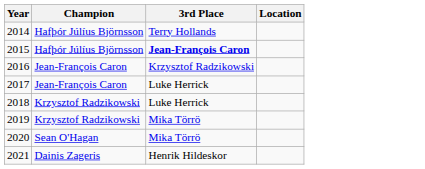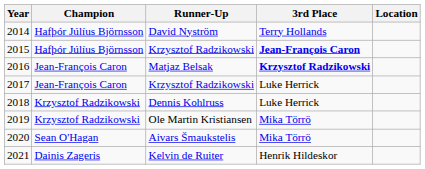 <table class="wikitable sortable" style="display: inline-table">
 <tr>
 <th>Year</th>
 <th>Champion</th>
+<th>Runner-Up</th>
 <th>3rd Place</th>
 <th>Location</th>
 </tr>
 <tr>
 <td>2014 </td>
 <td> <a href='#'>Hafþór Júlíus Björnsson</a></td>
+<td> <a href='#'>David Nyström</a></td>
 <td> <a href='#'>Terry Hollands</a></td>
 <td></td>
 </tr>
 <tr>
 <td>2015 </td>
 <td> <a href='#'>Hafþór Júlíus Björnsson</a></td>
+<td> <a href='#'>Krzysztof Radzikowski</a></td>
 <td><strong> <a href='#'>Jean-François Caron</a></strong></td>
 <td></td>
 </tr>
 <tr>
 <td>2016 </td>
 <td> <a href='#'>Jean-François Caron</a></td>
-<td> <a href='#'>Krzysztof Radzikowski</a></td>
+<td> <a href='#'>Matjaz Belsak</a></td>
+<td><strong> <a href='#'>Krzysztof Radzikowski</a></strong></td>
 <td></td>
 </tr>
 <tr>
 <td>2017 </td>
 <td> <a href='#'>Jean-François Caron</a></td>
+<td> <a href='#'>Krzysztof Radzikowski</a></td>
 <td> Luke Herrick</td>
 <td></td>
 </tr>
 <tr>
 <td>2018 </td>
 <td> <a href='#'>Krzysztof Radzikowski</a></td>
+<td> <a href='#'>Dennis Kohlruss</a></td>
 <td> Luke Herrick</td>
 <td></td>
 </tr>
 <tr>
 <td>2019 </td>
 <td> <a href='#'>Krzysztof Radzikowski</a></td>
+<td> Ole Martin Kristiansen</td>
 <td> <a href='#'>Mika Törrö</a></td>
 <td></td>
 </tr>
 <tr>
 <td>2020 </td>
 <td> <a href='#'>Sean O'Hagan</a></td>
+<td> <a href='#'>Aivars Šmaukstelis</a></td>
 <td> <a href='#'>Mika Törrö</a></td>
 <td></td>
 </tr>
 <tr>
 <td>2021 </td>
 <td> <a href='#'>Dainis Zageris</a></td>
+<td> <a href='#'>Kelvin de Ruiter</a></td>
 <td> Henrik Hildeskor</td>
 <td></td>
 </tr>
 </table>
